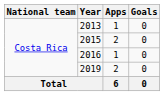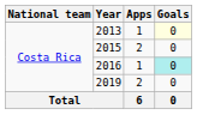 <table class="wikitable" style="text-align: center;">
 <tr>
 <th>National team</th>
 <th>Year</th>
 <th>Apps</th>
 <th>Goals</th>
 </tr>
 <tr>
 <td rowspan="4" valign="center"><a href='#'>Costa Rica</a></td>
 <td>2013</td>
 <td>1</td>
-<td>0</td>
+<td style="background: lightyellow;">0</td>
 </tr>
 <tr>
 <td>2015</td>
 <td>2</td>
 <td>0</td>
 </tr>
 <tr>
 <td>2016</td>
 <td>1</td>
-<td>0</td>
+<td style="background: paleturquoise;">0</td>
 </tr>
 <tr>
 <td>2019</td>
 <td>2</td>
 <td>0</td>
 </tr>
 <tr>
 <th colspan="2">Total</th>
 <th>6</th>
 <th>0</th>
 </tr>
 </table>
